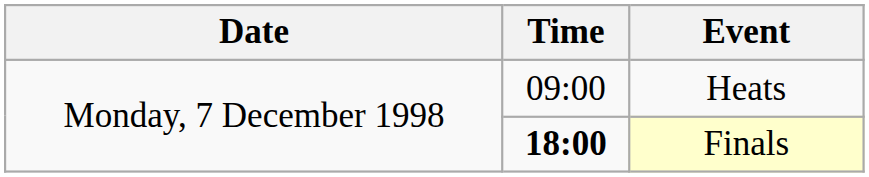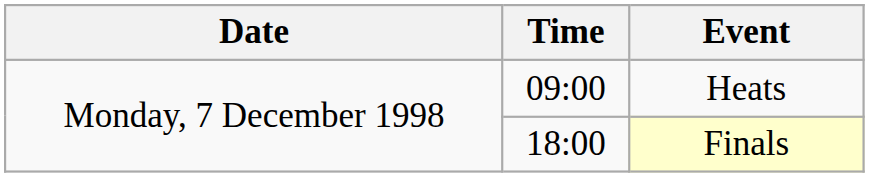 <table class = "wikitable" style="text-align:center;">
 <tr>
 <th width=220>Date</th>
 <th width=50>Time</th>
 <th width=100>Event</th>
 </tr>
 <tr>
 <td rowspan=2>Monday, 7 December 1998</td>
 <td>09:00</td>
 <td>Heats</td>
 </tr>
 <tr>
-<td><strong>18:00</strong></td>
+<td>18:00</td>
 <td bgcolor=ffffcc>Finals</td>
 </tr>
 </table>
